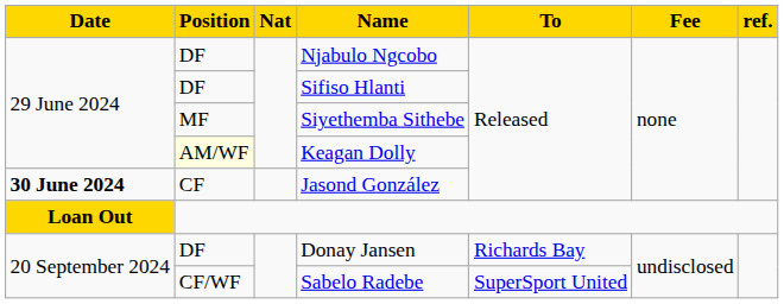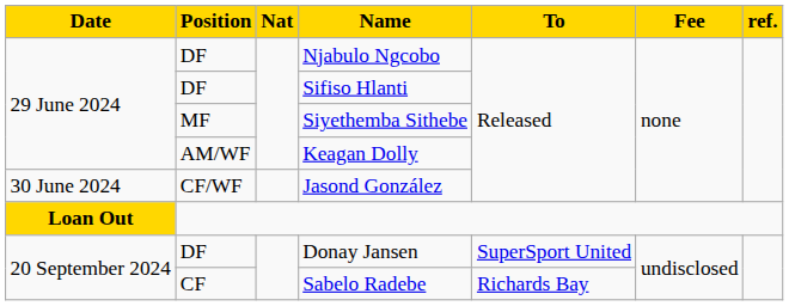 <table class="wikitable sortable">
 <tr>
 <th style="background:#FFD700; color:Black;">Date</th>
 <th style="background:#FFD700; color:Black;">Position</th>
 <th style="background:#FFD700; color:Black;">Nat</th>
 <th style="background:#FFD700; color:Black;">Name</th>
 <th style="background:#FFD700; color:Black;">To</th>
 <th style="background:#FFD700; color:black; text-align:center;">Fee</th>
 <th style="background:#FFD700; color:Black;">ref.</th>
 </tr>
 <tr>
 <td rowspan="4">29 June 2024</td>
 <td>DF</td>
 <td rowspan="4"></td>
 <td><a href='#'>Njabulo Ngcobo</a></td>
 <td rowspan="5">Released</td>
 <td rowspan="5">none</td>
 <td rowspan="5"></td>
 </tr>
 <tr>
 <td>DF</td>
 <td><a href='#'>Sifiso Hlanti</a></td>
 </tr>
 <tr>
 <td>MF</td>
 <td><a href='#'>Siyethemba Sithebe</a></td>
 </tr>
 <tr>
-<td style="background: lightyellow;">AM/WF</td>
+<td>AM/WF</td>
 <td><a href='#'>Keagan Dolly</a></td>
 </tr>
 <tr>
-<td><strong>30 June 2024</strong></td>
-<td>CF</td>
+<td>30 June 2024</td>
+<td>CF/WF</td>
 <td></td>
 <td><a href='#'>Jasond González</a></td>
 </tr>
 <tr>
 <th style="background:#FFD700; color:black;">Loan Out</th>
 </tr>
 <tr>
 <td rowspan="2">20 September 2024</td>
 <td>DF</td>
 <td rowspan="2"></td>
 <td>Donay Jansen</td>
-<td><a href='#'>Richards Bay</a></td>
+<td><a href='#'>SuperSport United</a></td>
 <td rowspan="2">undisclosed</td>
 <td rowspan="2"></td>
 </tr>
 <tr>
-<td>CF/WF</td>
+<td>CF</td>
 <td><a href='#'>Sabelo Radebe</a></td>
-<td><a href='#'>SuperSport United</a></td>
+<td><a href='#'>Richards Bay</a></td>
 </tr>
 </table>
